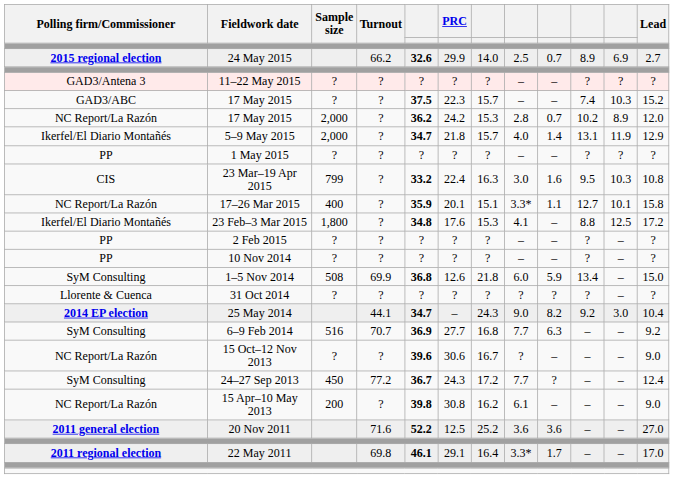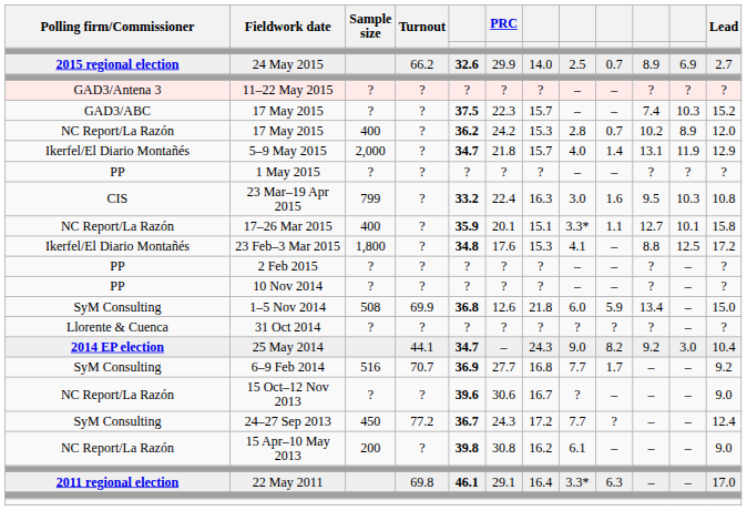 <table class="wikitable collapsible collapsed" style="text-align:center; font-size:95%; line-height:16px;">
 <tr style="height:42px;">
 <th style="width:250px;" rowspan="2">Polling firm/Commissioner</th>
 <th style="width:125px;" rowspan="2">Fieldwork date</th>
 <th style="width:50px;" rowspan="2">Sample size</th>
 <th style="width:45px;" rowspan="2">Turnout</th>
 <th style="width:35px;"></th>
 <th style="width:35px;"><a href='#'>PRC</a></th>
 <th style="width:35px;"></th>
 <th style="width:35px;"></th>
 <th style="width:35px;"></th>
 <th style="width:35px;"></th>
 <th style="width:35px;"></th>
 <th style="width:30px;" rowspan="2">Lead</th>
 </tr>
 <tr>
 <th style="color:inherit;background:"></th>
 <th style="color:inherit;background:"></th>
 <th style="color:inherit;background:"></th>
 <th style="color:inherit;background:"></th>
 <th style="color:inherit;background:"></th>
 <th style="color:inherit;background:"></th>
 <th style="color:inherit;background:"></th>
 </tr>
 <tr>
 <td colspan="12" style="background:#A0A0A0"></td>
 </tr>
 <tr style="background:#EFEFEF;">
 <td><strong><a href='#'>2015 regional election</a></strong></td>
 <td>24 May 2015</td>
 <td></td>
 <td>66.2</td>
 <td><strong>32.6</strong><br></td>
 <td>29.9<br></td>
 <td>14.0<br></td>
 <td>2.5<br></td>
 <td>0.7<br></td>
 <td>8.9<br></td>
 <td>6.9<br></td>
 <td style="background:">2.7</td>
 </tr>
 <tr>
 <td colspan="12" style="background:#A0A0A0"></td>
 </tr>
 <tr style="background:#FFEAEA;">
 <td>GAD3/Antena 3</td>
 <td>11–22 May 2015</td>
 <td>?</td>
 <td>?</td>
 <td>?<br></td>
 <td>?<br></td>
 <td>?<br></td>
 <td>–</td>
 <td>–</td>
 <td>?<br></td>
 <td>?<br></td>
 <td style="background:">?</td>
 </tr>
 <tr>
 <td>GAD3/ABC</td>
 <td>17 May 2015</td>
 <td>?</td>
 <td>?</td>
 <td><strong>37.5</strong><br></td>
 <td>22.3<br></td>
 <td>15.7<br></td>
 <td>–</td>
 <td>–</td>
 <td>7.4<br></td>
 <td>10.3<br></td>
 <td style="background:">15.2</td>
 </tr>
 <tr>
 <td>NC Report/La Razón</td>
 <td>17 May 2015</td>
-<td>2,000</td>
+<td>400</td>
 <td>?</td>
 <td><strong>36.2</strong><br></td>
 <td>24.2<br></td>
 <td>15.3<br></td>
 <td>2.8<br></td>
 <td>0.7<br></td>
 <td>10.2<br></td>
 <td>8.9<br></td>
 <td style="background:">12.0</td>
 </tr>
 <tr>
 <td>Ikerfel/El Diario Montañés</td>
 <td>5–9 May 2015</td>
 <td>2,000</td>
 <td>?</td>
 <td><strong>34.7</strong><br></td>
 <td>21.8<br></td>
 <td>15.7<br></td>
 <td>4.0<br></td>
 <td>1.4<br></td>
 <td>13.1<br></td>
 <td>11.9<br></td>
 <td style="background:">12.9</td>
 </tr>
 <tr>
 <td>PP</td>
 <td>1 May 2015</td>
 <td>?</td>
 <td>?</td>
 <td>?<br></td>
 <td>?<br></td>
 <td>?<br></td>
 <td>–</td>
 <td>–</td>
 <td>?<br></td>
 <td>?<br></td>
 <td style="background:">?</td>
 </tr>
 <tr>
 <td>CIS</td>
 <td>23 Mar–19 Apr 2015</td>
 <td>799</td>
 <td>?</td>
 <td><strong>33.2</strong><br></td>
 <td>22.4<br></td>
 <td>16.3<br></td>
 <td>3.0<br></td>
 <td>1.6<br></td>
 <td>9.5<br></td>
 <td>10.3<br></td>
 <td style="background:">10.8</td>
 </tr>
 <tr>
 <td>NC Report/La Razón</td>
 <td>17–26 Mar 2015</td>
 <td>400</td>
 <td>?</td>
 <td><strong>35.9</strong><br></td>
 <td>20.1<br></td>
 <td>15.1<br></td>
 <td>3.3*<br></td>
 <td>1.1<br></td>
 <td>12.7<br></td>
 <td>10.1<br></td>
 <td style="background:">15.8</td>
 </tr>
 <tr>
 <td>Ikerfel/El Diario Montañés</td>
 <td>23 Feb–3 Mar 2015</td>
 <td>1,800</td>
 <td>?</td>
 <td><strong>34.8</strong><br></td>
 <td>17.6<br></td>
 <td>15.3<br></td>
 <td>4.1<br></td>
 <td>–</td>
 <td>8.8<br></td>
 <td>12.5<br></td>
 <td style="background:">17.2</td>
 </tr>
 <tr>
 <td>PP</td>
 <td>2 Feb 2015</td>
 <td>?</td>
 <td>?</td>
 <td>?<br></td>
 <td>?<br></td>
 <td>?<br></td>
 <td>–</td>
 <td>–</td>
 <td>?<br></td>
 <td>–</td>
 <td style="background:">?</td>
 </tr>
 <tr>
 <td>PP</td>
 <td>10 Nov 2014</td>
 <td>?</td>
 <td>?</td>
 <td>?<br></td>
 <td>?<br></td>
 <td>?<br></td>
 <td>–</td>
 <td>–</td>
 <td>?<br></td>
 <td>–</td>
 <td style="background:">?</td>
 </tr>
 <tr>
 <td>SyM Consulting</td>
 <td>1–5 Nov 2014</td>
 <td>508</td>
 <td>69.9</td>
 <td><strong>36.8</strong><br></td>
 <td>12.6<br></td>
 <td>21.8<br></td>
 <td>6.0<br></td>
 <td>5.9<br></td>
 <td>13.4<br></td>
 <td>–</td>
 <td style="background:">15.0</td>
 </tr>
 <tr>
 <td>Llorente & Cuenca</td>
 <td>31 Oct 2014</td>
 <td>?</td>
 <td>?</td>
 <td>?<br></td>
 <td>?<br></td>
 <td>?<br></td>
 <td>?<br></td>
 <td>?<br></td>
 <td>?<br></td>
 <td>–</td>
 <td style="background:">?</td>
 </tr>
 <tr style="background:#EFEFEF;">
 <td><strong><a href='#'>2014 EP election</a></strong></td>
 <td>25 May 2014</td>
 <td></td>
 <td>44.1</td>
 <td><strong>34.7</strong><br></td>
 <td>–</td>
 <td>24.3<br></td>
 <td>9.0<br></td>
 <td>8.2<br></td>
 <td>9.2<br></td>
 <td>3.0<br></td>
 <td style="background:">10.4</td>
 </tr>
 <tr>
 <td>SyM Consulting</td>
 <td>6–9 Feb 2014</td>
 <td>516</td>
 <td>70.7</td>
 <td><strong>36.9</strong><br></td>
 <td>27.7<br></td>
 <td>16.8<br></td>
 <td>7.7<br></td>
-<td>6.3<br></td>
+<td>1.7<br></td>
 <td>–</td>
 <td>–</td>
 <td style="background:">9.2</td>
 </tr>
 <tr>
 <td>NC Report/La Razón</td>
 <td>15 Oct–12 Nov 2013</td>
 <td>?</td>
 <td>?</td>
 <td><strong>39.6</strong><br></td>
 <td>30.6<br></td>
 <td>16.7<br></td>
 <td>?<br></td>
 <td>–</td>
 <td>–</td>
 <td>–</td>
 <td style="background:">9.0</td>
 </tr>
 <tr>
 <td>SyM Consulting</td>
 <td>24–27 Sep 2013</td>
 <td>450</td>
 <td>77.2</td>
 <td><strong>36.7</strong><br></td>
 <td>24.3<br></td>
 <td>17.2<br></td>
 <td>7.7<br></td>
 <td>?<br></td>
 <td>–</td>
 <td>–</td>
 <td style="background:">12.4</td>
 </tr>
 <tr>
 <td>NC Report/La Razón</td>
 <td>15 Apr–10 May 2013</td>
 <td>200</td>
 <td>?</td>
 <td><strong>39.8</strong><br></td>
 <td>30.8<br></td>
 <td>16.2<br></td>
 <td>6.1<br></td>
 <td>–</td>
 <td>–</td>
 <td>–</td>
 <td style="background:">9.0</td>
 </tr>
-<tr style="background:#EFEFEF;">
-<td><strong><a href='#'>2011 general election</a></strong></td>
-<td>20 Nov 2011</td>
-<td></td>
-<td>71.6</td>
-<td><strong>52.2</strong><br></td>
-<td>12.5<br></td>
-<td>25.2<br></td>
-<td>3.6<br></td>
-<td>3.6<br></td>
-<td>–</td>
-<td>–</td>
-<td style="background:">27.0</td>
-</tr>
 <tr>
 <td colspan="12" style="background:#A0A0A0"></td>
 </tr>
 <tr style="background:#EFEFEF;">
 <td><strong><a href='#'>2011 regional election</a></strong></td>
 <td>22 May 2011</td>
 <td></td>
 <td>69.8</td>
 <td><strong>46.1</strong><br></td>
 <td>29.1<br></td>
 <td>16.4<br></td>
 <td>3.3*<br></td>
-<td>1.7<br></td>
+<td>6.3<br></td>
 <td>–</td>
 <td>–</td>
 <td style="background:">17.0</td>
 </tr>
 <tr>
 <td colspan="12" style="background:#A0A0A0"></td>
 </tr>
 <tr>
 <td align="left" colspan="12"></td>
 </tr>
 </table>
